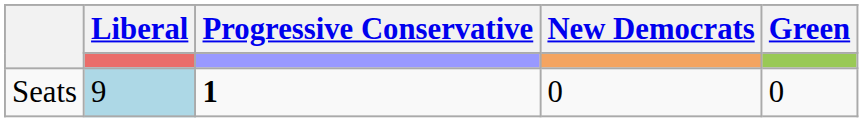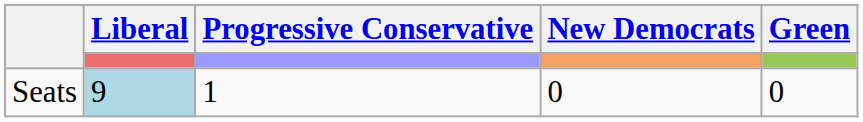 <table class="wikitable">
 <tr style="background-color:#E9E9E9" |>
 <th rowspan="2"></th>
 <th><a href='#'>Liberal</a></th>
 <th><a href='#'>Progressive Conservative</a></th>
 <th><a href='#'>New Democrats</a></th>
 <th><a href='#'>Green</a></th>
 </tr>
 <tr>
 <th style="background-color:#EA6D6A;"></th>
 <th style="background-color:#9999FF;"></th>
 <th style="background-color:#F4A460;"></th>
 <th style="background-color:#99C955;"></th>
 </tr>
 <tr>
 <td>Seats</td>
 <td style="background: lightblue;">9</td>
-<td><strong>1</strong></td>
+<td>1</td>
 <td>0</td>
 <td>0</td>
 </tr>
 </table>
